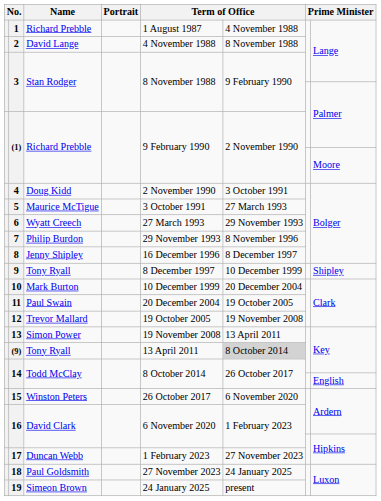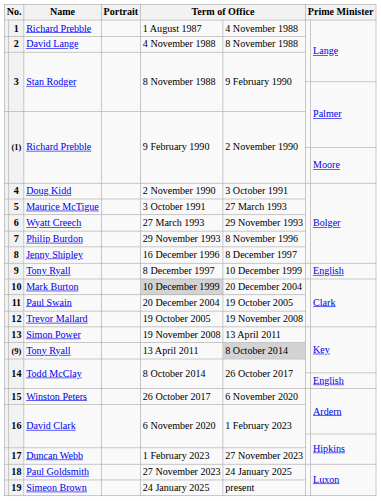 <table class="wikitable">
 <tr>
 <th colspan=2>No.</th>
 <th>Name</th>
 <th>Portrait</th>
 <th colspan=2>Term of Office</th>
 <th colspan=2>Prime Minister</th>
 </tr>
 <tr>
 <th style="color:inherit;background:"></th>
 <th>1</th>
 <td><a href='#'>Richard Prebble</a></td>
 <td></td>
 <td>1 August 1987</td>
 <td>4 November 1988</td>
 <td width=1 rowspan=3 style="color:inherit;background:"></td>
 <td rowspan=3><a href='#'>Lange</a></td>
 </tr>
 <tr>
 <th style="color:inherit;background:"></th>
 <th>2</th>
 <td><a href='#'>David Lange</a></td>
 <td></td>
 <td>4 November 1988</td>
 <td>8 November 1988</td>
 </tr>
 <tr>
 <th height=40 style="border-bottom:solid 0 grey; background:"></th>
 <th rowspan=2>3</th>
 <td rowspan=2><a href='#'>Stan Rodger</a></td>
 <td rowspan=2></td>
 <td rowspan=2>8 November 1988</td>
 <td rowspan=2>9 February 1990</td>
 </tr>
 <tr>
 <th height=40 style="border-top:solid 0 grey; background:"></th>
 <td rowspan=2 style="color:inherit;background:"></td>
 <td rowspan=2><a href='#'>Palmer</a></td>
 </tr>
 <tr>
 <th height=50 style="border-bottom:solid 0 grey; background:"></th>
 <th rowspan=2><small>(1)</small></th>
 <td rowspan=2><a href='#'>Richard Prebble</a></td>
 <td rowspan=2></td>
 <td rowspan=2>9 February 1990</td>
 <td rowspan=2>2 November 1990</td>
 </tr>
 <tr>
 <th height=50 style="border-top:solid 0 grey; background:"></th>
 <td style="color:inherit;background:"></td>
 <td><a href='#'>Moore</a></td>
 </tr>
 <tr>
 <th style="color:inherit;background:"></th>
 <th>4</th>
 <td><a href='#'>Doug Kidd</a></td>
 <td></td>
 <td>2 November 1990</td>
 <td>3 October 1991</td>
 <td rowspan=5 style="color:inherit;background:"></td>
 <td rowspan=5><a href='#'>Bolger</a></td>
 </tr>
 <tr>
 <th style="color:inherit;background:"></th>
 <th>5</th>
 <td><a href='#'>Maurice McTigue</a></td>
 <td></td>
 <td>3 October 1991</td>
 <td>27 March 1993</td>
 </tr>
 <tr>
 <th style="color:inherit;background:"></th>
 <th>6</th>
 <td><a href='#'>Wyatt Creech</a></td>
 <td></td>
 <td>27 March 1993</td>
 <td>29 November 1993</td>
 </tr>
 <tr>
 <th style="color:inherit;background:"></th>
 <th>7</th>
 <td><a href='#'>Philip Burdon</a></td>
 <td></td>
 <td>29 November 1993</td>
 <td>8 November 1996</td>
 </tr>
 <tr>
 <th style="color:inherit;background:"></th>
 <th>8</th>
 <td><a href='#'>Jenny Shipley</a></td>
 <td></td>
 <td>16 December 1996</td>
 <td>8 December 1997</td>
 </tr>
 <tr>
 <th style="color:inherit;background:"></th>
 <th>9</th>
 <td><a href='#'>Tony Ryall</a></td>
 <td></td>
 <td>8 December 1997</td>
 <td>10 December 1999</td>
 <td style="color:inherit;background:"></td>
-<td><a href='#'>Shipley</a></td>
+<td><a href='#'>English</a></td>
 </tr>
 <tr>
 <th style="color:inherit;background:"></th>
 <th>10</th>
 <td><a href='#'>Mark Burton</a></td>
 <td></td>
-<td>10 December 1999</td>
+<td style="background: lightgrey;">10 December 1999</td>
 <td>20 December 2004</td>
 <td rowspan=3 style="color:inherit;background:"></td>
 <td rowspan=3><a href='#'>Clark</a></td>
 </tr>
 <tr>
 <th style="color:inherit;background:"></th>
 <th>11</th>
 <td><a href='#'>Paul Swain</a></td>
 <td></td>
 <td>20 December 2004</td>
 <td>19 October 2005</td>
 </tr>
 <tr>
 <th style="color:inherit;background:"></th>
 <th>12</th>
 <td><a href='#'>Trevor Mallard</a></td>
 <td></td>
 <td>19 October 2005</td>
 <td>19 November 2008</td>
 </tr>
 <tr>
 <th style="color:inherit;background:"></th>
 <th>13</th>
 <td><a href='#'>Simon Power</a></td>
 <td></td>
 <td>19 November 2008</td>
 <td>13 April 2011</td>
 <td rowspan="3" style="color:inherit;background:"></td>
 <td rowspan="3"><a href='#'>Key</a></td>
 </tr>
 <tr>
 <th style="color:inherit;background:"></th>
 <th><small>(9)</small></th>
 <td><a href='#'>Tony Ryall</a></td>
 <td></td>
 <td>13 April 2011</td>
 <td style="background: lightgrey;">8 October 2014</td>
 </tr>
 <tr>
 <th height=15 style="border-bottom:solid 0 grey; background:"></th>
 <th rowspan="2">14</th>
 <td rowspan="2"><a href='#'>Todd McClay</a></td>
 <td rowspan="2"></td>
 <td rowspan="2">8 October 2014</td>
 <td rowspan="2">26 October 2017</td>
 </tr>
 <tr>
 <th height=15 style="border-top:solid 0 grey; background:"></th>
 <td style="color:inherit;background:"></td>
 <td><a href='#'>English</a></td>
 </tr>
 <tr>
 <th style="color:inherit;background:"></th>
 <th>15</th>
 <td><a href='#'>Winston Peters</a></td>
 <td></td>
 <td>26 October 2017</td>
 <td>6 November 2020</td>
 <td rowspan=2 height=15 style="border-top:solid 0 gray; background:"></td>
 <td rowspan=2><a href='#'>Ardern</a></td>
 </tr>
 <tr>
 <th height=40 style="border-bottom:solid 0 grey; background:"></th>
 <th rowspan=2>16</th>
 <td rowspan=2><a href='#'>David Clark</a></td>
 <td rowspan=2></td>
 <td rowspan=2>6 November 2020</td>
 <td rowspan=2>1 February 2023</td>
 </tr>
 <tr>
 <th height=15 style="border-top:solid 0 grey; background:"></th>
 <td rowspan=2 style="color:inherit;background:"></td>
 <td rowspan=2><a href='#'>Hipkins</a></td>
 </tr>
 <tr>
 <th style="color:inherit;background:"></th>
 <th>17</th>
 <td><a href='#'>Duncan Webb</a></td>
 <td></td>
 <td>1 February 2023</td>
 <td>27 November 2023</td>
 </tr>
 <tr>
 <th style="color:inherit;background:"></th>
 <th>18</th>
 <td><a href='#'>Paul Goldsmith</a></td>
 <td></td>
 <td>27 November 2023</td>
 <td>24 January 2025</td>
 <td rowspan=2 style="color:inherit;background:"></td>
 <td rowspan="2"><a href='#'>Luxon</a></td>
 </tr>
 <tr>
 <th style="color:inherit;background:"></th>
 <th>19</th>
 <td><a href='#'>Simeon Brown</a></td>
 <td></td>
 <td>24 January 2025</td>
 <td>present</td>
 </tr>
 </table>
